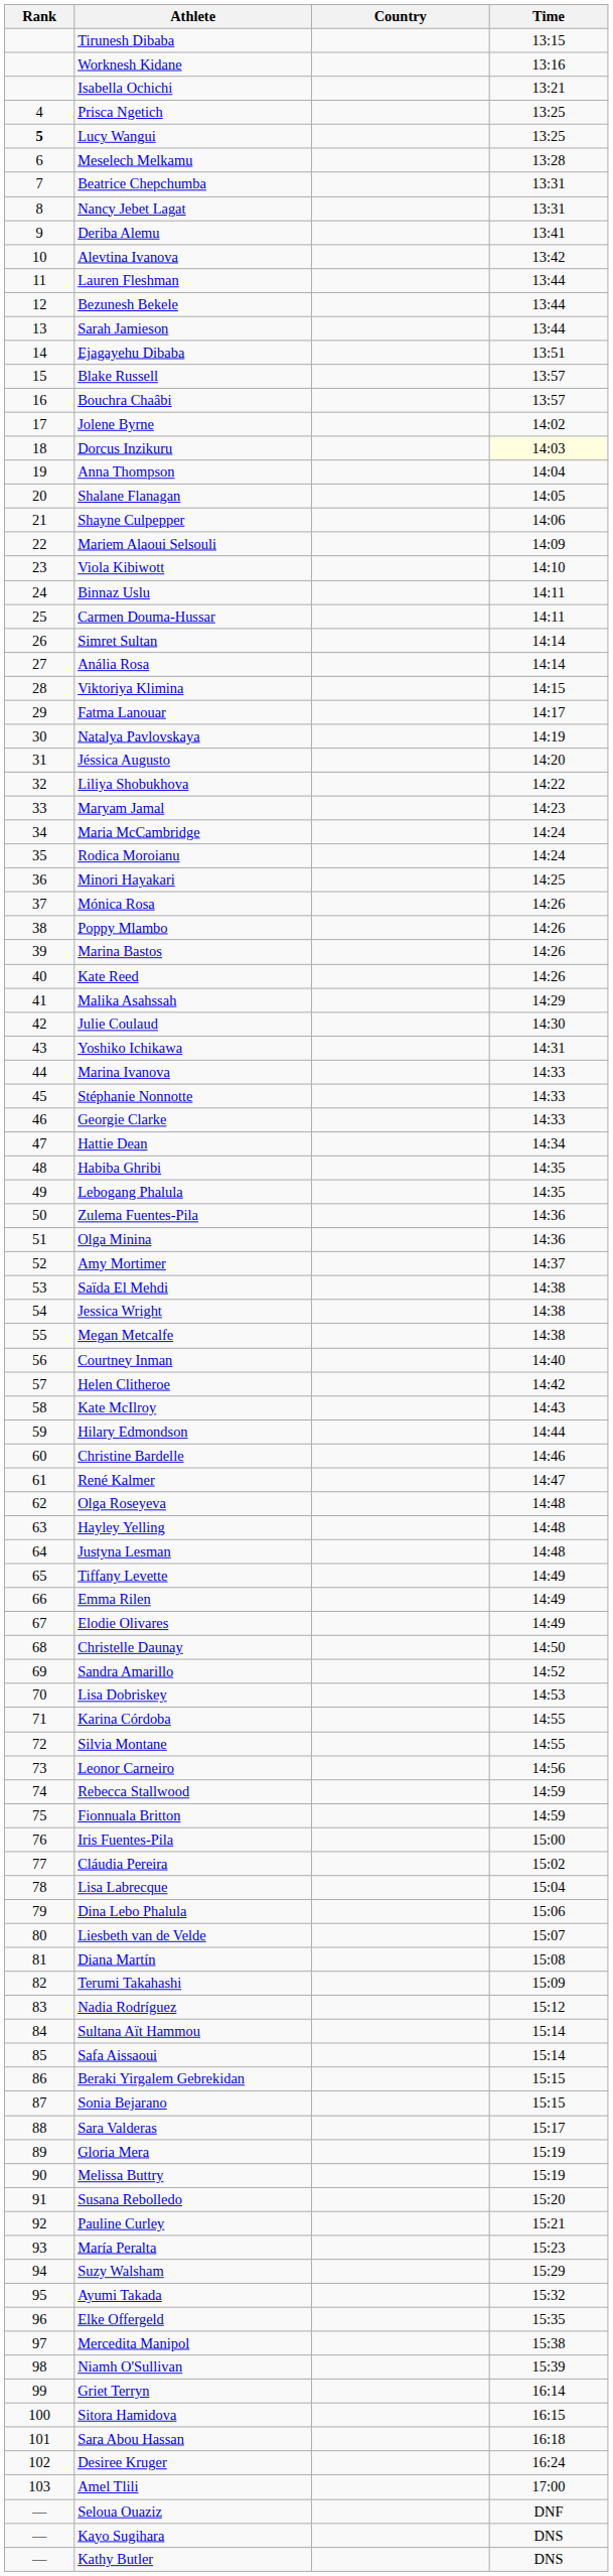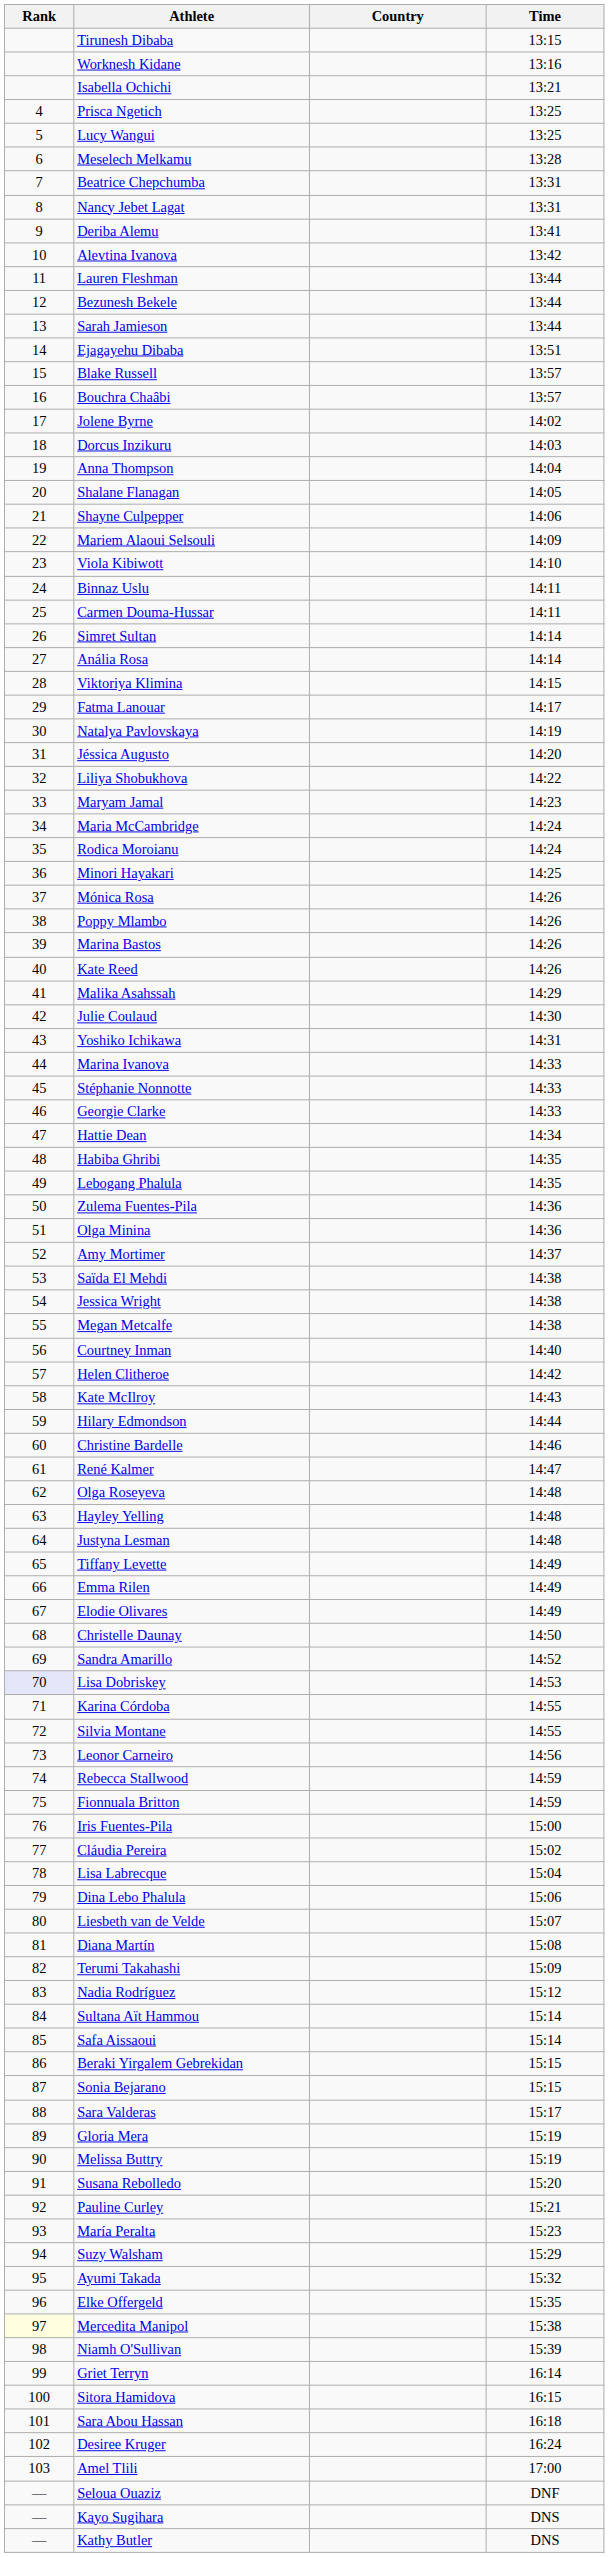 <table class="wikitable sortable" style=" text-align:center; font-size:95%;" width="50%">
 <tr>
 <th width=5%>Rank</th>
 <th width=20%>Athlete</th>
 <th width=15%>Country</th>
 <th width=10%>Time</th>
 </tr>
 <tr>
 <td align=center></td>
 <td align=left><a href='#'>Tirunesh Dibaba</a></td>
 <td align=left></td>
 <td>13:15</td>
 </tr>
 <tr>
 <td align=center></td>
 <td align=left><a href='#'>Worknesh Kidane</a></td>
 <td align=left></td>
 <td>13:16</td>
 </tr>
 <tr>
 <td align=center></td>
 <td align=left><a href='#'>Isabella Ochichi</a></td>
 <td align=left></td>
 <td>13:21</td>
 </tr>
 <tr>
 <td align=center>4</td>
 <td align=left><a href='#'>Prisca Ngetich</a></td>
 <td align=left></td>
 <td>13:25</td>
 </tr>
 <tr>
-<td align=center><strong>5</strong></td>
+<td align=center>5</td>
 <td align=left><a href='#'>Lucy Wangui</a></td>
 <td align=left></td>
 <td>13:25</td>
 </tr>
 <tr>
 <td align=center>6</td>
 <td align=left><a href='#'>Meselech Melkamu</a></td>
 <td align=left></td>
 <td>13:28</td>
 </tr>
 <tr>
 <td align=center>7</td>
 <td align=left><a href='#'>Beatrice Chepchumba</a></td>
 <td align=left></td>
 <td>13:31</td>
 </tr>
 <tr>
 <td align=center>8</td>
 <td align=left><a href='#'>Nancy Jebet Lagat</a></td>
 <td align=left></td>
 <td>13:31</td>
 </tr>
 <tr>
 <td align=center>9</td>
 <td align=left><a href='#'>Deriba Alemu</a></td>
 <td align=left></td>
 <td>13:41</td>
 </tr>
 <tr>
 <td align=center>10</td>
 <td align=left><a href='#'>Alevtina Ivanova</a></td>
 <td align=left></td>
 <td>13:42</td>
 </tr>
 <tr>
 <td align=center>11</td>
 <td align=left><a href='#'>Lauren Fleshman</a></td>
 <td align=left></td>
 <td>13:44</td>
 </tr>
 <tr>
 <td align=center>12</td>
 <td align=left><a href='#'>Bezunesh Bekele</a></td>
 <td align=left></td>
 <td>13:44</td>
 </tr>
 <tr>
 <td align=center>13</td>
 <td align=left><a href='#'>Sarah Jamieson</a></td>
 <td align=left></td>
 <td>13:44</td>
 </tr>
 <tr>
 <td align=center>14</td>
 <td align=left><a href='#'>Ejagayehu Dibaba</a></td>
 <td align=left></td>
 <td>13:51</td>
 </tr>
 <tr>
 <td align=center>15</td>
 <td align=left><a href='#'>Blake Russell</a></td>
 <td align=left></td>
 <td>13:57</td>
 </tr>
 <tr>
 <td align=center>16</td>
 <td align=left><a href='#'>Bouchra Chaâbi</a></td>
 <td align=left></td>
 <td>13:57</td>
 </tr>
 <tr>
 <td align=center>17</td>
 <td align=left><a href='#'>Jolene Byrne</a></td>
 <td align=left></td>
 <td>14:02</td>
 </tr>
 <tr>
 <td align=center>18</td>
 <td align=left><a href='#'>Dorcus Inzikuru</a></td>
 <td align=left></td>
-<td style="background: lightyellow;">14:03</td>
+<td>14:03</td>
 </tr>
 <tr>
 <td align=center>19</td>
 <td align=left><a href='#'>Anna Thompson</a></td>
 <td align=left></td>
 <td>14:04</td>
 </tr>
 <tr>
 <td align=center>20</td>
 <td align=left><a href='#'>Shalane Flanagan</a></td>
 <td align=left></td>
 <td>14:05</td>
 </tr>
 <tr>
 <td align=center>21</td>
 <td align=left><a href='#'>Shayne Culpepper</a></td>
 <td align=left></td>
 <td>14:06</td>
 </tr>
 <tr>
 <td align=center>22</td>
 <td align=left><a href='#'>Mariem Alaoui Selsouli</a></td>
 <td align=left></td>
 <td>14:09</td>
 </tr>
 <tr>
 <td align=center>23</td>
 <td align=left><a href='#'>Viola Kibiwott</a></td>
 <td align=left></td>
 <td>14:10</td>
 </tr>
 <tr>
 <td align=center>24</td>
 <td align=left><a href='#'>Binnaz Uslu</a></td>
 <td align=left></td>
 <td>14:11</td>
 </tr>
 <tr>
 <td align=center>25</td>
 <td align=left><a href='#'>Carmen Douma-Hussar</a></td>
 <td align=left></td>
 <td>14:11</td>
 </tr>
 <tr>
 <td align=center>26</td>
 <td align=left><a href='#'>Simret Sultan</a></td>
 <td align=left></td>
 <td>14:14</td>
 </tr>
 <tr>
 <td align=center>27</td>
 <td align=left><a href='#'>Anália Rosa</a></td>
 <td align=left></td>
 <td>14:14</td>
 </tr>
 <tr>
 <td align=center>28</td>
 <td align=left><a href='#'>Viktoriya Klimina</a></td>
 <td align=left></td>
 <td>14:15</td>
 </tr>
 <tr>
 <td align=center>29</td>
 <td align=left><a href='#'>Fatma Lanouar</a></td>
 <td align=left></td>
 <td>14:17</td>
 </tr>
 <tr>
 <td align=center>30</td>
 <td align=left><a href='#'>Natalya Pavlovskaya</a></td>
 <td align=left></td>
 <td>14:19</td>
 </tr>
 <tr>
 <td align=center>31</td>
 <td align=left><a href='#'>Jéssica Augusto</a></td>
 <td align=left></td>
 <td>14:20</td>
 </tr>
 <tr>
 <td align=center>32</td>
 <td align=left><a href='#'>Liliya Shobukhova</a></td>
 <td align=left></td>
 <td>14:22</td>
 </tr>
 <tr>
 <td align=center>33</td>
 <td align=left><a href='#'>Maryam Jamal</a></td>
 <td align=left></td>
 <td>14:23</td>
 </tr>
 <tr>
 <td align=center>34</td>
 <td align=left><a href='#'>Maria McCambridge</a></td>
 <td align=left></td>
 <td>14:24</td>
 </tr>
 <tr>
 <td align=center>35</td>
 <td align=left><a href='#'>Rodica Moroianu</a></td>
 <td align=left></td>
 <td>14:24</td>
 </tr>
 <tr>
 <td align=center>36</td>
 <td align=left><a href='#'>Minori Hayakari</a></td>
 <td align=left></td>
 <td>14:25</td>
 </tr>
 <tr>
 <td align=center>37</td>
 <td align=left><a href='#'>Mónica Rosa</a></td>
 <td align=left></td>
 <td>14:26</td>
 </tr>
 <tr>
 <td align=center>38</td>
 <td align=left><a href='#'>Poppy Mlambo</a></td>
 <td align=left></td>
 <td>14:26</td>
 </tr>
 <tr>
 <td align=center>39</td>
 <td align=left><a href='#'>Marina Bastos</a></td>
 <td align=left></td>
 <td>14:26</td>
 </tr>
 <tr>
 <td align=center>40</td>
 <td align=left><a href='#'>Kate Reed</a></td>
 <td align=left></td>
 <td>14:26</td>
 </tr>
 <tr>
 <td align=center>41</td>
 <td align=left><a href='#'>Malika Asahssah</a></td>
 <td align=left></td>
 <td>14:29</td>
 </tr>
 <tr>
 <td align=center>42</td>
 <td align=left><a href='#'>Julie Coulaud</a></td>
 <td align=left></td>
 <td>14:30</td>
 </tr>
 <tr>
 <td align=center>43</td>
 <td align=left><a href='#'>Yoshiko Ichikawa</a></td>
 <td align=left></td>
 <td>14:31</td>
 </tr>
 <tr>
 <td align=center>44</td>
 <td align=left><a href='#'>Marina Ivanova</a></td>
 <td align=left></td>
 <td>14:33</td>
 </tr>
 <tr>
 <td align=center>45</td>
 <td align=left><a href='#'>Stéphanie Nonnotte</a></td>
 <td align=left></td>
 <td>14:33</td>
 </tr>
 <tr>
 <td align=center>46</td>
 <td align=left><a href='#'>Georgie Clarke</a></td>
 <td align=left></td>
 <td>14:33</td>
 </tr>
 <tr>
 <td align=center>47</td>
 <td align=left><a href='#'>Hattie Dean</a></td>
 <td align=left></td>
 <td>14:34</td>
 </tr>
 <tr>
 <td align=center>48</td>
 <td align=left><a href='#'>Habiba Ghribi</a></td>
 <td align=left></td>
 <td>14:35</td>
 </tr>
 <tr>
 <td align=center>49</td>
 <td align=left><a href='#'>Lebogang Phalula</a></td>
 <td align=left></td>
 <td>14:35</td>
 </tr>
 <tr>
 <td align=center>50</td>
 <td align=left><a href='#'>Zulema Fuentes-Pila</a></td>
 <td align=left></td>
 <td>14:36</td>
 </tr>
 <tr>
 <td align=center>51</td>
 <td align=left><a href='#'>Olga Minina</a></td>
 <td align=left></td>
 <td>14:36</td>
 </tr>
 <tr>
 <td align=center>52</td>
 <td align=left><a href='#'>Amy Mortimer</a></td>
 <td align=left></td>
 <td>14:37</td>
 </tr>
 <tr>
 <td align=center>53</td>
 <td align=left><a href='#'>Saïda El Mehdi</a></td>
 <td align=left></td>
 <td>14:38</td>
 </tr>
 <tr>
 <td align=center>54</td>
 <td align=left><a href='#'>Jessica Wright</a></td>
 <td align=left></td>
 <td>14:38</td>
 </tr>
 <tr>
 <td align=center>55</td>
 <td align=left><a href='#'>Megan Metcalfe</a></td>
 <td align=left></td>
 <td>14:38</td>
 </tr>
 <tr>
 <td align=center>56</td>
 <td align=left><a href='#'>Courtney Inman</a></td>
 <td align=left></td>
 <td>14:40</td>
 </tr>
 <tr>
 <td align=center>57</td>
 <td align=left><a href='#'>Helen Clitheroe</a></td>
 <td align=left></td>
 <td>14:42</td>
 </tr>
 <tr>
 <td align=center>58</td>
 <td align=left><a href='#'>Kate McIlroy</a></td>
 <td align=left></td>
 <td>14:43</td>
 </tr>
 <tr>
 <td align=center>59</td>
 <td align=left><a href='#'>Hilary Edmondson</a></td>
 <td align=left></td>
 <td>14:44</td>
 </tr>
 <tr>
 <td align=center>60</td>
 <td align=left><a href='#'>Christine Bardelle</a></td>
 <td align=left></td>
 <td>14:46</td>
 </tr>
 <tr>
 <td align=center>61</td>
 <td align=left><a href='#'>René Kalmer</a></td>
 <td align=left></td>
 <td>14:47</td>
 </tr>
 <tr>
 <td align=center>62</td>
 <td align=left><a href='#'>Olga Roseyeva</a></td>
 <td align=left></td>
 <td>14:48</td>
 </tr>
 <tr>
 <td align=center>63</td>
 <td align=left><a href='#'>Hayley Yelling</a></td>
 <td align=left></td>
 <td>14:48</td>
 </tr>
 <tr>
 <td align=center>64</td>
 <td align=left><a href='#'>Justyna Lesman</a></td>
 <td align=left></td>
 <td>14:48</td>
 </tr>
 <tr>
 <td align=center>65</td>
 <td align=left><a href='#'>Tiffany Levette</a></td>
 <td align=left></td>
 <td>14:49</td>
 </tr>
 <tr>
 <td align=center>66</td>
 <td align=left><a href='#'>Emma Rilen</a></td>
 <td align=left></td>
 <td>14:49</td>
 </tr>
 <tr>
 <td align=center>67</td>
 <td align=left><a href='#'>Elodie Olivares</a></td>
 <td align=left></td>
 <td>14:49</td>
 </tr>
 <tr>
 <td align=center>68</td>
 <td align=left><a href='#'>Christelle Daunay</a></td>
 <td align=left></td>
 <td>14:50</td>
 </tr>
 <tr>
 <td align=center>69</td>
 <td align=left><a href='#'>Sandra Amarillo</a></td>
 <td align=left></td>
 <td>14:52</td>
 </tr>
 <tr>
-<td align=center>70</td>
+<td align=center style="background: lavender;">70</td>
 <td align=left><a href='#'>Lisa Dobriskey</a></td>
 <td align=left></td>
 <td>14:53</td>
 </tr>
 <tr>
 <td align=center>71</td>
 <td align=left><a href='#'>Karina Córdoba</a></td>
 <td align=left></td>
 <td>14:55</td>
 </tr>
 <tr>
 <td align=center>72</td>
 <td align=left><a href='#'>Silvia Montane</a></td>
 <td align=left></td>
 <td>14:55</td>
 </tr>
 <tr>
 <td align=center>73</td>
 <td align=left><a href='#'>Leonor Carneiro</a></td>
 <td align=left></td>
 <td>14:56</td>
 </tr>
 <tr>
 <td align=center>74</td>
 <td align=left><a href='#'>Rebecca Stallwood</a></td>
 <td align=left></td>
 <td>14:59</td>
 </tr>
 <tr>
 <td align=center>75</td>
 <td align=left><a href='#'>Fionnuala Britton</a></td>
 <td align=left></td>
 <td>14:59</td>
 </tr>
 <tr>
 <td align=center>76</td>
 <td align=left><a href='#'>Iris Fuentes-Pila</a></td>
 <td align=left></td>
 <td>15:00</td>
 </tr>
 <tr>
 <td align=center>77</td>
 <td align=left><a href='#'>Cláudia Pereira</a></td>
 <td align=left></td>
 <td>15:02</td>
 </tr>
 <tr>
 <td align=center>78</td>
 <td align=left><a href='#'>Lisa Labrecque</a></td>
 <td align=left></td>
 <td>15:04</td>
 </tr>
 <tr>
 <td align=center>79</td>
 <td align=left><a href='#'>Dina Lebo Phalula</a></td>
 <td align=left></td>
 <td>15:06</td>
 </tr>
 <tr>
 <td align=center>80</td>
 <td align=left><a href='#'>Liesbeth van de Velde</a></td>
 <td align=left></td>
 <td>15:07</td>
 </tr>
 <tr>
 <td align=center>81</td>
 <td align=left><a href='#'>Diana Martín</a></td>
 <td align=left></td>
 <td>15:08</td>
 </tr>
 <tr>
 <td align=center>82</td>
 <td align=left><a href='#'>Terumi Takahashi</a></td>
 <td align=left></td>
 <td>15:09</td>
 </tr>
 <tr>
 <td align=center>83</td>
 <td align=left><a href='#'>Nadia Rodríguez</a></td>
 <td align=left></td>
 <td>15:12</td>
 </tr>
 <tr>
 <td align=center>84</td>
 <td align=left><a href='#'>Sultana Aït Hammou</a></td>
 <td align=left></td>
 <td>15:14</td>
 </tr>
 <tr>
 <td align=center>85</td>
 <td align=left><a href='#'>Safa Aissaoui</a></td>
 <td align=left></td>
 <td>15:14</td>
 </tr>
 <tr>
 <td align=center>86</td>
 <td align=left><a href='#'>Beraki Yirgalem Gebrekidan</a></td>
 <td align=left></td>
 <td>15:15</td>
 </tr>
 <tr>
 <td align=center>87</td>
 <td align=left><a href='#'>Sonia Bejarano</a></td>
 <td align=left></td>
 <td>15:15</td>
 </tr>
 <tr>
 <td align=center>88</td>
 <td align=left><a href='#'>Sara Valderas</a></td>
 <td align=left></td>
 <td>15:17</td>
 </tr>
 <tr>
 <td align=center>89</td>
 <td align=left><a href='#'>Gloria Mera</a></td>
 <td align=left></td>
 <td>15:19</td>
 </tr>
 <tr>
 <td align=center>90</td>
 <td align=left><a href='#'>Melissa Buttry</a></td>
 <td align=left></td>
 <td>15:19</td>
 </tr>
 <tr>
 <td align=center>91</td>
 <td align=left><a href='#'>Susana Rebolledo</a></td>
 <td align=left></td>
 <td>15:20</td>
 </tr>
 <tr>
 <td align=center>92</td>
 <td align=left><a href='#'>Pauline Curley</a></td>
 <td align=left></td>
 <td>15:21</td>
 </tr>
 <tr>
 <td align=center>93</td>
 <td align=left><a href='#'>María Peralta</a></td>
 <td align=left></td>
 <td>15:23</td>
 </tr>
 <tr>
 <td align=center>94</td>
 <td align=left><a href='#'>Suzy Walsham</a></td>
 <td align=left></td>
 <td>15:29</td>
 </tr>
 <tr>
 <td align=center>95</td>
 <td align=left><a href='#'>Ayumi Takada</a></td>
 <td align=left></td>
 <td>15:32</td>
 </tr>
 <tr>
 <td align=center>96</td>
 <td align=left><a href='#'>Elke Offergeld</a></td>
 <td align=left></td>
 <td>15:35</td>
 </tr>
 <tr>
-<td align=center>97</td>
+<td align=center style="background: lightyellow;">97</td>
 <td align=left><a href='#'>Mercedita Manipol</a></td>
 <td align=left></td>
 <td>15:38</td>
 </tr>
 <tr>
 <td align=center>98</td>
 <td align=left><a href='#'>Niamh O'Sullivan</a></td>
 <td align=left></td>
 <td>15:39</td>
 </tr>
 <tr>
 <td align=center>99</td>
 <td align=left><a href='#'>Griet Terryn</a></td>
 <td align=left></td>
 <td>16:14</td>
 </tr>
 <tr>
 <td align=center>100</td>
 <td align=left><a href='#'>Sitora Hamidova</a></td>
 <td align=left></td>
 <td>16:15</td>
 </tr>
 <tr>
 <td align=center>101</td>
 <td align=left><a href='#'>Sara Abou Hassan</a></td>
 <td align=left></td>
 <td>16:18</td>
 </tr>
 <tr>
 <td align=center>102</td>
 <td align=left><a href='#'>Desiree Kruger</a></td>
 <td align=left></td>
 <td>16:24</td>
 </tr>
 <tr>
 <td align=center>103</td>
 <td align=left><a href='#'>Amel Tlili</a></td>
 <td align=left></td>
 <td>17:00</td>
 </tr>
 <tr>
 <td align=center>—</td>
 <td align=left><a href='#'>Seloua Ouaziz</a></td>
 <td align=left></td>
 <td>DNF</td>
 </tr>
 <tr>
 <td align=center>—</td>
 <td align=left><a href='#'>Kayo Sugihara</a></td>
 <td align=left></td>
 <td>DNS</td>
 </tr>
 <tr>
 <td align=center>—</td>
 <td align=left><a href='#'>Kathy Butler</a></td>
 <td align=left></td>
 <td>DNS</td>
 </tr>
 </table>
